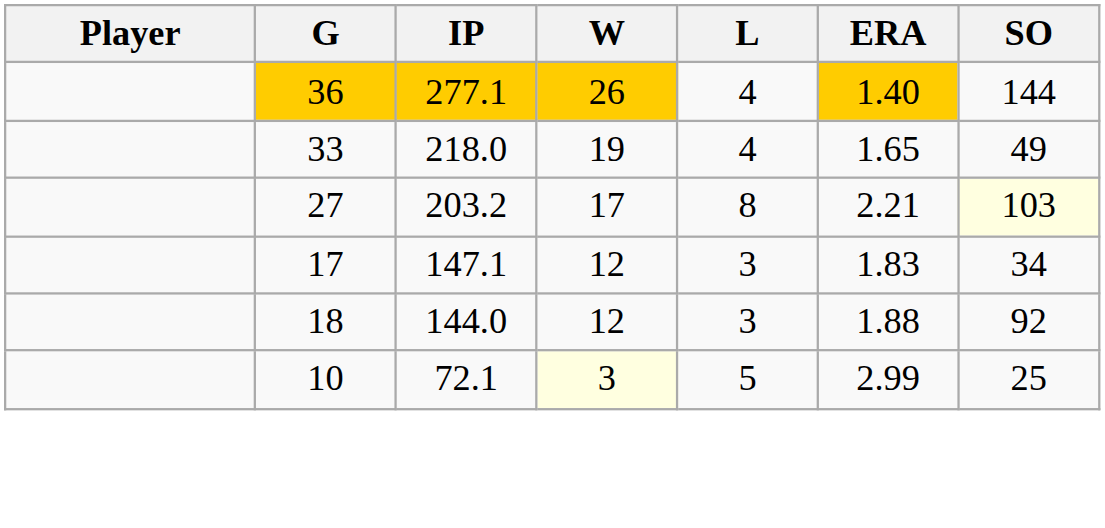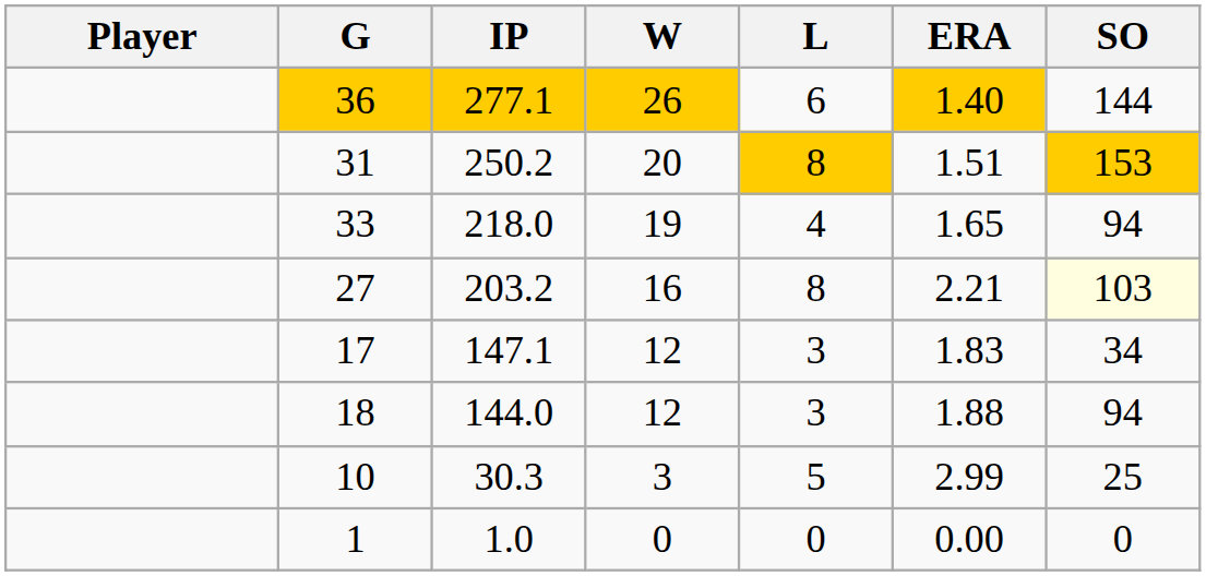 <table class="wikitable sortable">
 <tr>
 <th bgcolor="#DDDDFF" width="16%">Player</th>
 <th bgcolor="#DDDDFF" width="9%">G</th>
 <th bgcolor="#DDDDFF" width="9%">IP</th>
 <th bgcolor="#DDDDFF" width="9%">W</th>
 <th bgcolor="#DDDDFF" width="9%">L</th>
 <th bgcolor="#DDDDFF" width="9%">ERA</th>
 <th bgcolor="#DDDDFF" width="9%">SO</th>
 </tr>
 <tr align="center">
 <td></td>
 <td bgcolor="#FFCC00">36</td>
 <td bgcolor="#FFCC00">277.1</td>
 <td bgcolor="#FFCC00">26</td>
-<td>4</td>
+<td>6</td>
 <td bgcolor="#FFCC00">1.40</td>
 <td>144</td>
+</tr>
+<tr align="center">
+<td></td>
+<td>31</td>
+<td>250.2</td>
+<td>20</td>
+<td bgcolor="#FFCC00">8</td>
+<td>1.51</td>
+<td bgcolor="#FFCC00">153</td>
 </tr>
 <tr align="center">
 <td></td>
 <td>33</td>
 <td>218.0</td>
 <td>19</td>
 <td>4</td>
 <td>1.65</td>
-<td>49</td>
+<td>94</td>
 </tr>
 <tr align="center">
 <td></td>
 <td>27</td>
 <td>203.2</td>
-<td>17</td>
+<td>16</td>
 <td>8</td>
 <td>2.21</td>
 <td style="background: lightyellow;">103</td>
 </tr>
 <tr align="center">
 <td></td>
 <td>17</td>
 <td>147.1</td>
 <td>12</td>
 <td>3</td>
 <td>1.83</td>
 <td>34</td>
 </tr>
 <tr align="center">
 <td></td>
 <td>18</td>
 <td>144.0</td>
 <td>12</td>
 <td>3</td>
 <td>1.88</td>
-<td>92</td>
+<td>94</td>
 </tr>
 <tr align="center">
 <td></td>
 <td>10</td>
-<td>72.1</td>
-<td style="background: lightyellow;">3</td>
+<td>30.3</td>
+<td>3</td>
 <td>5</td>
 <td>2.99</td>
 <td>25</td>
 </tr>
+<tr align="center">
+<td></td>
+<td>1</td>
+<td>1.0</td>
+<td>0</td>
+<td>0</td>
+<td>0.00</td>
+<td>0</td>
+</tr>
 </table>
